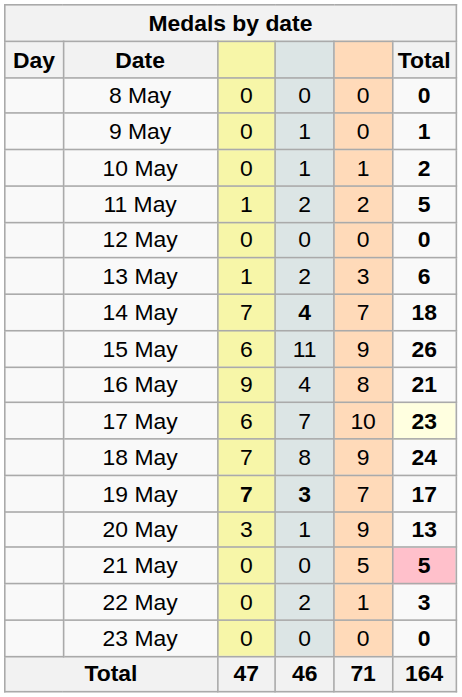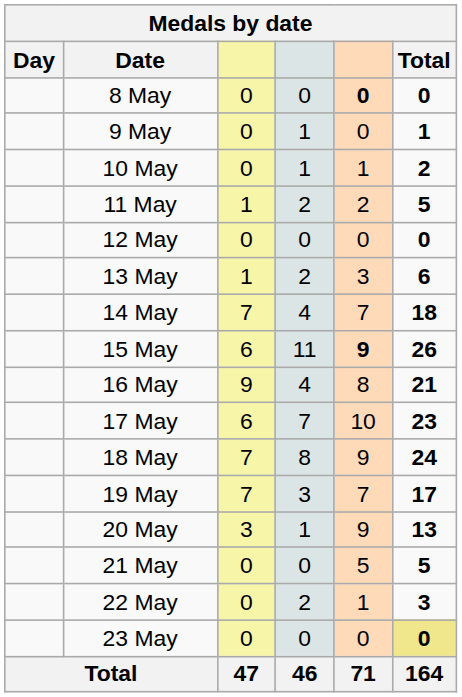 <table class="wikitable" style="font-size:90%; text-align:center;">
 <tr style="background:#efefef;">
 <th colspan=6><strong>Medals by date</strong></th>
 </tr>
 <tr>
 <th width=30><strong>Day</strong></th>
 <th width=90><strong>Date</strong></th>
 <th width=30 style="background:#F7F6A8;"></th>
 <th width=30 style="background:#DCE5E5;"></th>
 <th width=30 style="background:#FFDAB9;"></th>
 <th width=30><strong>Total</strong></th>
 </tr>
 <tr>
 <td></td>
 <td>8 May</td>
 <td style="background:#F7F6A8;">0</td>
 <td style="background:#DCE5E5;">0</td>
-<td style="background:#FFDAB9;">0</td>
+<td style="background:#FFDAB9;"><strong>0</strong></td>
 <td><strong>0</strong></td>
 </tr>
 <tr>
 <td></td>
 <td>9 May</td>
 <td style="background:#F7F6A8;">0</td>
 <td style="background:#DCE5E5;">1</td>
 <td style="background:#FFDAB9;">0</td>
 <td><strong>1</strong></td>
 </tr>
 <tr>
 <td></td>
 <td>10 May</td>
 <td style="background:#F7F6A8;">0</td>
 <td style="background:#DCE5E5;">1</td>
 <td style="background:#FFDAB9;">1</td>
 <td><strong>2</strong></td>
 </tr>
 <tr>
 <td></td>
 <td>11 May</td>
 <td style="background:#F7F6A8;">1</td>
 <td style="background:#DCE5E5;">2</td>
 <td style="background:#FFDAB9;">2</td>
 <td><strong>5</strong></td>
 </tr>
 <tr>
 <td></td>
 <td>12 May</td>
 <td style="background:#F7F6A8;">0</td>
 <td style="background:#DCE5E5;">0</td>
 <td style="background:#FFDAB9;">0</td>
 <td><strong>0</strong></td>
 </tr>
 <tr>
 <td></td>
 <td>13 May</td>
 <td style="background:#F7F6A8;">1</td>
 <td style="background:#DCE5E5;">2</td>
 <td style="background:#FFDAB9;">3</td>
 <td><strong>6</strong></td>
 </tr>
 <tr>
 <td></td>
 <td>14 May</td>
 <td style="background:#F7F6A8;">7</td>
-<td style="background:#DCE5E5;"><strong>4</strong></td>
+<td style="background:#DCE5E5;">4</td>
 <td style="background:#FFDAB9;">7</td>
 <td><strong>18</strong></td>
 </tr>
 <tr>
 <td></td>
 <td>15 May</td>
 <td style="background:#F7F6A8;">6</td>
 <td style="background:#DCE5E5;">11</td>
-<td style="background:#FFDAB9;">9</td>
+<td style="background:#FFDAB9;"><strong>9</strong></td>
 <td><strong>26</strong></td>
 </tr>
 <tr>
 <td></td>
 <td>16 May</td>
 <td style="background:#F7F6A8;">9</td>
 <td style="background:#DCE5E5;">4</td>
 <td style="background:#FFDAB9;">8</td>
 <td><strong>21</strong></td>
 </tr>
 <tr>
 <td></td>
 <td>17 May</td>
 <td style="background:#F7F6A8;">6</td>
 <td style="background:#DCE5E5;">7</td>
 <td style="background:#FFDAB9;">10</td>
-<td style="background: lightyellow;"><strong>23</strong></td>
+<td><strong>23</strong></td>
 </tr>
 <tr>
 <td></td>
 <td>18 May</td>
 <td style="background:#F7F6A8;">7</td>
 <td style="background:#DCE5E5;">8</td>
 <td style="background:#FFDAB9;">9</td>
 <td><strong>24</strong></td>
 </tr>
 <tr>
 <td></td>
 <td>19 May</td>
-<td style="background:#F7F6A8;"><strong>7</strong></td>
-<td style="background:#DCE5E5;"><strong>3</strong></td>
+<td style="background:#F7F6A8;">7</td>
+<td style="background:#DCE5E5;">3</td>
 <td style="background:#FFDAB9;">7</td>
 <td><strong>17</strong></td>
 </tr>
 <tr>
 <td></td>
 <td>20 May</td>
 <td style="background:#F7F6A8;">3</td>
 <td style="background:#DCE5E5;">1</td>
 <td style="background:#FFDAB9;">9</td>
 <td><strong>13</strong></td>
 </tr>
 <tr>
 <td></td>
 <td>21 May</td>
 <td style="background:#F7F6A8;">0</td>
 <td style="background:#DCE5E5;">0</td>
 <td style="background:#FFDAB9;">5</td>
-<td style="background: pink;"><strong>5</strong></td>
+<td><strong>5</strong></td>
 </tr>
 <tr>
 <td></td>
 <td>22 May</td>
 <td style="background:#F7F6A8;">0</td>
 <td style="background:#DCE5E5;">2</td>
 <td style="background:#FFDAB9;">1</td>
 <td><strong>3</strong></td>
 </tr>
 <tr>
 <td></td>
 <td>23 May</td>
 <td style="background:#F7F6A8;">0</td>
 <td style="background:#DCE5E5;">0</td>
 <td style="background:#FFDAB9;">0</td>
-<td><strong>0</strong></td>
+<td style="background: khaki;"><strong>0</strong></td>
 </tr>
 <tr>
 <th colspan="2"><strong>Total</strong></th>
 <th><strong>47</strong></th>
 <th><strong>46</strong></th>
 <th><strong>71</strong></th>
 <th><strong>164</strong></th>
 </tr>
 </table>
